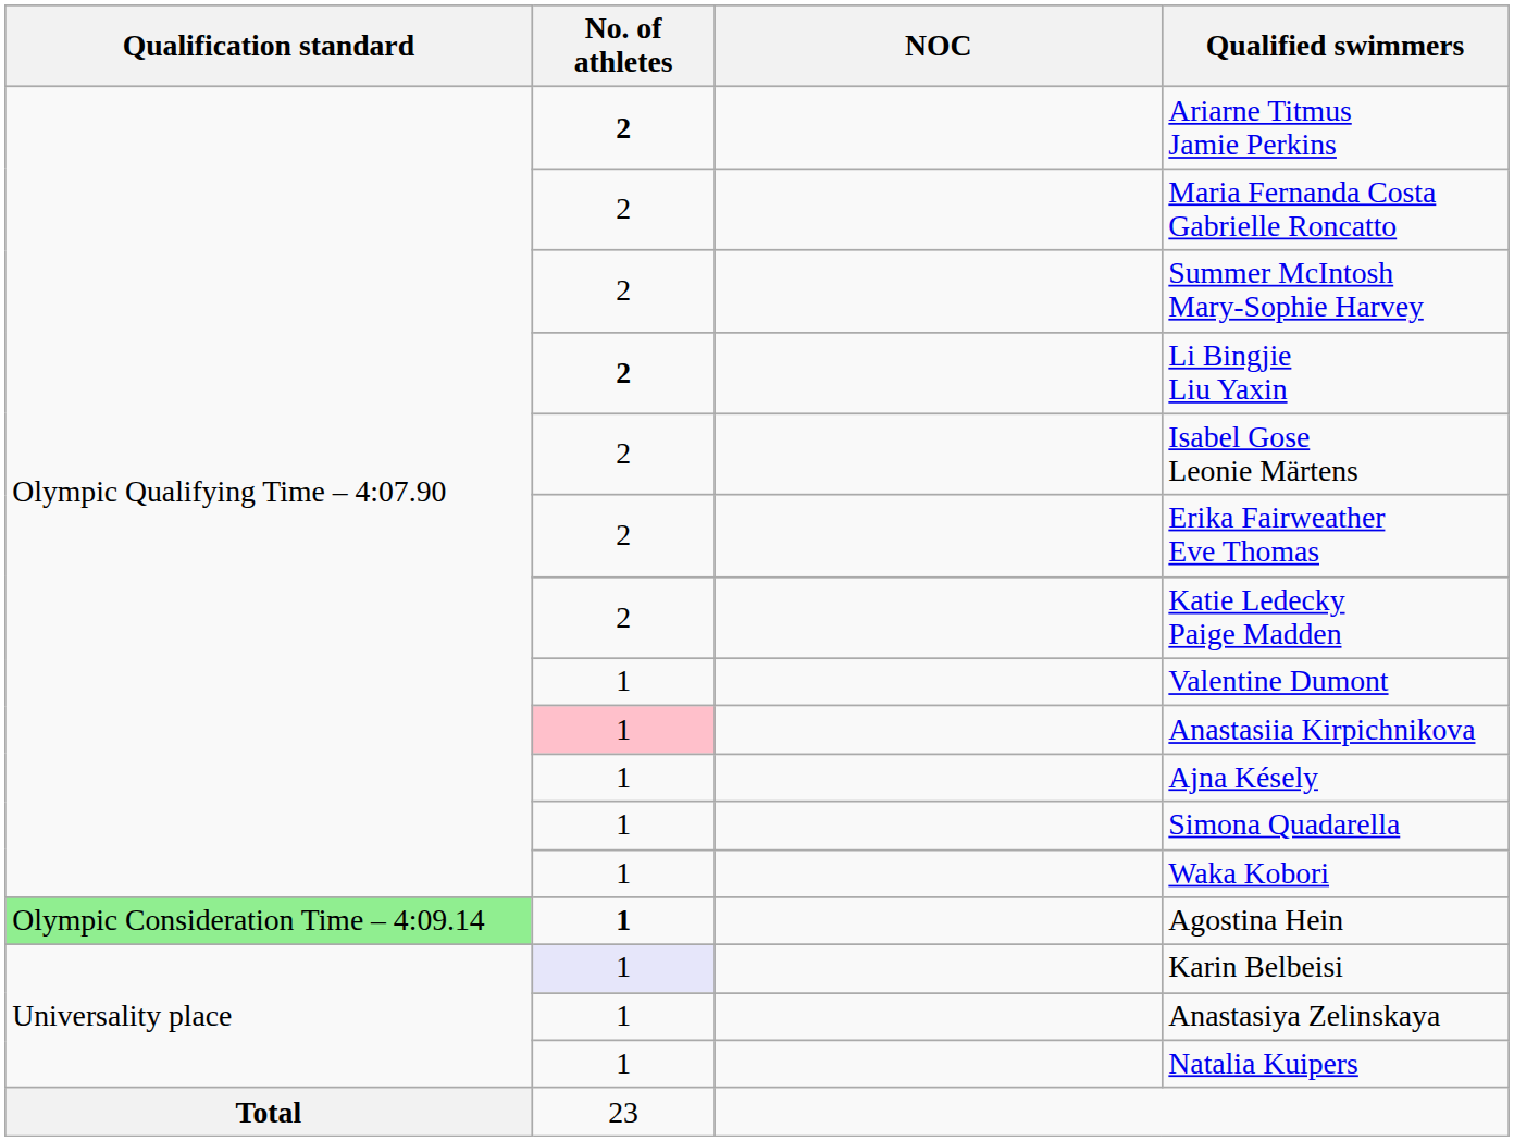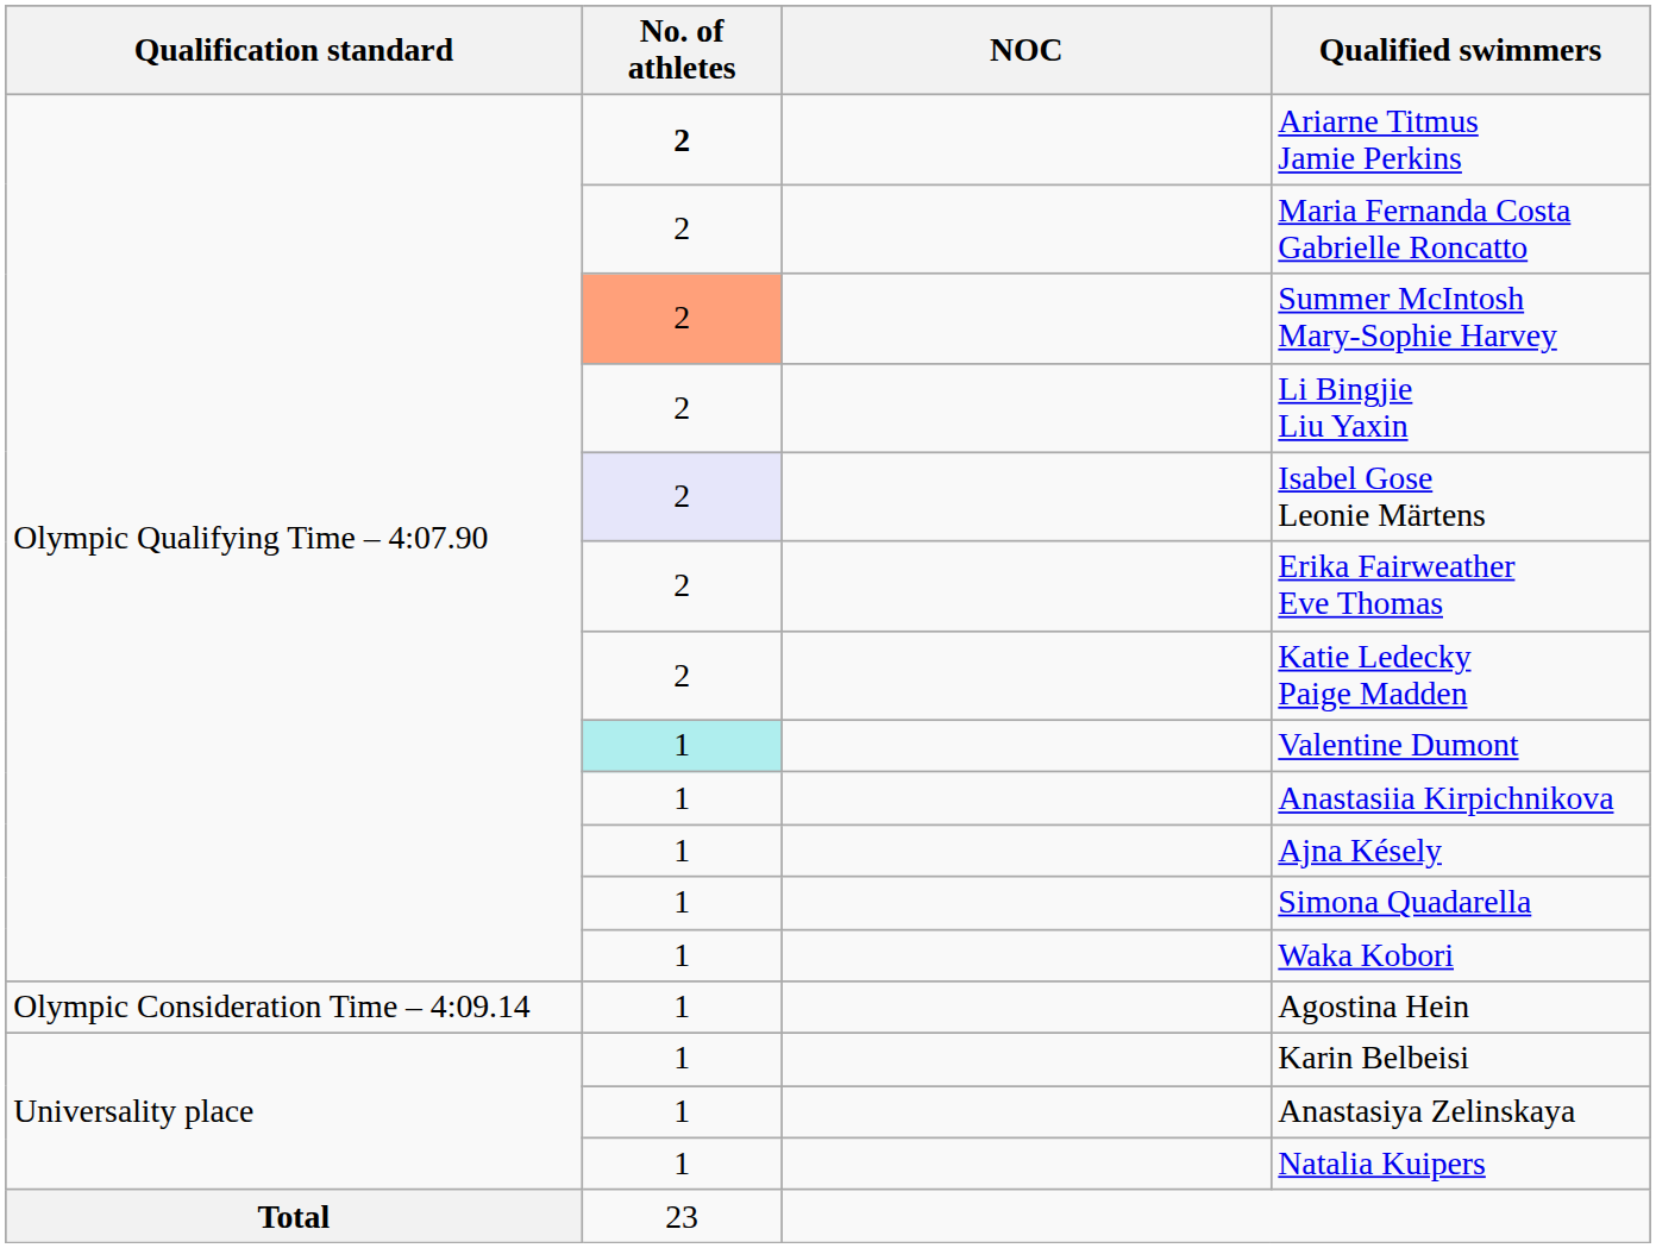 <table class=wikitable style="text-align:left" width=800>
 <tr>
 <th scope="col">Qualification standard</th>
 <th scope="col" width =90>No. of athletes</th>
 <th scope="col" width =230>NOC</th>
 <th scope="col">Qualified swimmers</th>
 </tr>
 <tr>
 <td rowspan=12>Olympic Qualifying Time – 4:07.90</td>
 <td align=center><strong>2</strong></td>
 <td></td>
 <td><a href='#'>Ariarne Titmus</a><br><a href='#'>Jamie Perkins</a></td>
 </tr>
 <tr>
 <td align=center>2</td>
 <td></td>
 <td><a href='#'>Maria Fernanda Costa</a><br><a href='#'>Gabrielle Roncatto</a></td>
 </tr>
 <tr>
-<td align=center>2</td>
+<td align=center style="background: lightsalmon;">2</td>
 <td></td>
 <td><a href='#'>Summer McIntosh</a><br><a href='#'>Mary-Sophie Harvey</a></td>
 </tr>
 <tr>
-<td align=center><strong>2</strong></td>
+<td align=center>2</td>
 <td></td>
 <td><a href='#'>Li Bingjie</a><br><a href='#'>Liu Yaxin</a></td>
 </tr>
 <tr>
-<td align=center>2</td>
+<td align=center style="background: lavender;">2</td>
 <td></td>
 <td><a href='#'>Isabel Gose</a><br>Leonie Märtens</td>
 </tr>
 <tr>
 <td align=center>2</td>
 <td></td>
 <td><a href='#'>Erika Fairweather</a><br><a href='#'>Eve Thomas</a></td>
 </tr>
 <tr>
 <td align=center>2</td>
 <td></td>
 <td><a href='#'>Katie Ledecky</a><br><a href='#'>Paige Madden</a></td>
 </tr>
 <tr>
-<td align=center>1</td>
+<td align=center style="background: paleturquoise;">1</td>
 <td></td>
 <td><a href='#'>Valentine Dumont</a></td>
 </tr>
 <tr>
-<td align=center style="background: pink;">1</td>
+<td align=center>1</td>
 <td></td>
 <td><a href='#'>Anastasiia Kirpichnikova</a></td>
 </tr>
 <tr>
 <td align=center>1</td>
 <td></td>
 <td><a href='#'>Ajna Késely</a></td>
 </tr>
 <tr>
 <td align=center>1</td>
 <td></td>
 <td><a href='#'>Simona Quadarella</a></td>
 </tr>
 <tr>
 <td align=center>1</td>
 <td></td>
 <td><a href='#'>Waka Kobori</a></td>
 </tr>
 <tr>
-<td style="background: lightgreen;">Olympic Consideration Time – 4:09.14</td>
-<td align=center><strong>1</strong></td>
+<td>Olympic Consideration Time – 4:09.14</td>
+<td align=center>1</td>
 <td></td>
 <td>Agostina Hein</td>
 </tr>
 <tr>
 <td rowspan=3>Universality place</td>
-<td align=center style="background: lavender;">1</td>
+<td align=center>1</td>
 <td></td>
 <td>Karin Belbeisi</td>
 </tr>
 <tr>
 <td align=center>1</td>
 <td></td>
 <td>Anastasiya Zelinskaya</td>
 </tr>
 <tr>
 <td align=center>1</td>
 <td></td>
 <td><a href='#'>Natalia Kuipers</a></td>
 </tr>
 <tr>
 <th scope="row">Total</th>
 <td align=center>23</td>
 <td colspan=2></td>
 </tr>
 </table>
